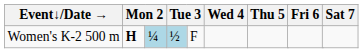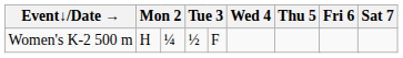 <table class="wikitable olympic-schedule canoeing">
 <tr>
 <th>Event↓/Date →</th>
 <th colspan="2">Mon 2</th>
 <th colspan="2">Tue 3</th>
 <th colspan="2">Wed 4</th>
 <th colspan="2">Thu 5</th>
 <th colspan="2">Fri 6</th>
 <th colspan="2">Sat 7</th>
 </tr>
 <tr>
 <td class="event">Women's K-2 500 m</td>
-<td class="heats"><strong>H</strong></td>
-<td class="quarterfinals" style="background: lightblue;">¼</td>
-<td class="semifinals" style="background: lightblue;">½</td>
+<td class="heats">H</td>
+<td class="quarterfinals">¼</td>
+<td class="semifinals">½</td>
 <td class="final">F</td>
 <td colspan="2"></td>
 <td colspan="2"></td>
 <td colspan="2"></td>
 <td colspan="2"></td>
 </tr>
 </table>
